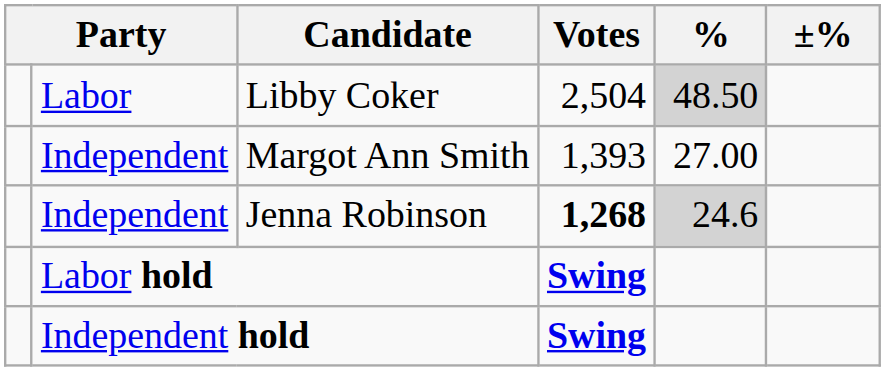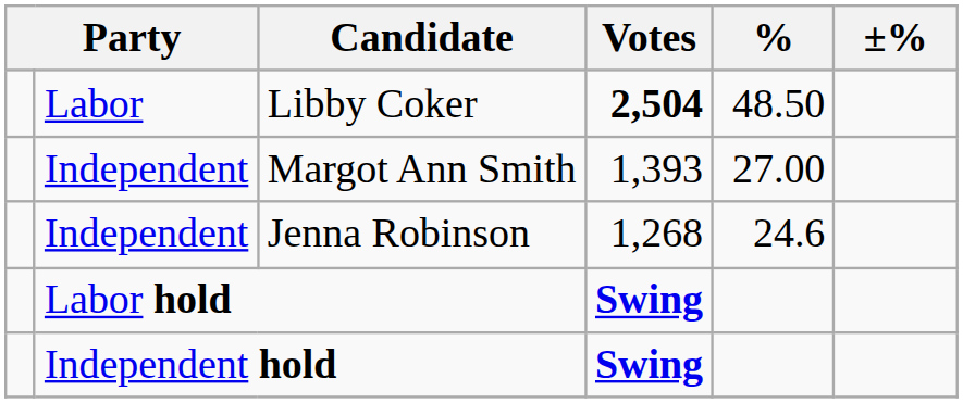 <table class="wikitable" style="text-align:right; margin-bottom:0">
 <tr>
 <th style="width:10px" colspan=3>Party</th>
 <th style="width:300x;">Candidate</th>
 <th style="width:300x;">Votes</th>
 <th style="width:40px;">%</th>
 <th style="width:40px;">±%</th>
 </tr>
 <tr>
 <td> </td>
 <td style="text-align:left;" colspan="2"><a href='#'>Labor</a></td>
 <td style="text-align:left;" colspan="1">Libby Coker</td>
-<td>2,504</td>
-<td style="background: lightgrey; width:40px;">48.50</td>
+<td><strong>2,504</strong></td>
+<td style="width:40px;">48.50</td>
 <td style="width:40px;"></td>
 </tr>
 <tr>
 <td> </td>
 <td style="text-align:left;" colspan="2"><a href='#'>Independent</a></td>
 <td style="text-align:left;" colspan="1">Margot Ann Smith</td>
 <td style="width:40px;">1,393</td>
 <td style="width:40px;">27.00</td>
 <td></td>
 </tr>
 <tr>
 <td> </td>
 <td style="text-align:left;" colspan="2"><a href='#'>Independent</a></td>
 <td style="text-align:left;" colspan="1">Jenna Robinson</td>
-<td style="width:40px;"><strong>1,268</strong></td>
-<td style="background: lightgrey; width:40px;">24.6</td>
+<td style="width:40px;">1,268</td>
+<td style="width:40px;">24.6</td>
 <td></td>
 </tr>
 <tr>
 <td> </td>
 <td style="text-align:left;" colspan="3"><a href='#'>Labor</a> <strong>hold</strong></td>
 <td style="width:40px;"><a href='#'><strong>Swing</strong></a></td>
 <td style="width:40px;"></td>
 <td></td>
 </tr>
 <tr>
 <td> </td>
 <td style="text-align:left;" colspan="3"><a href='#'>Independent</a> <strong>hold</strong></td>
 <td style="width:40px;"><a href='#'><strong>Swing</strong></a></td>
 <td style="width:40px;"></td>
 <td></td>
 </tr>
 </table>
